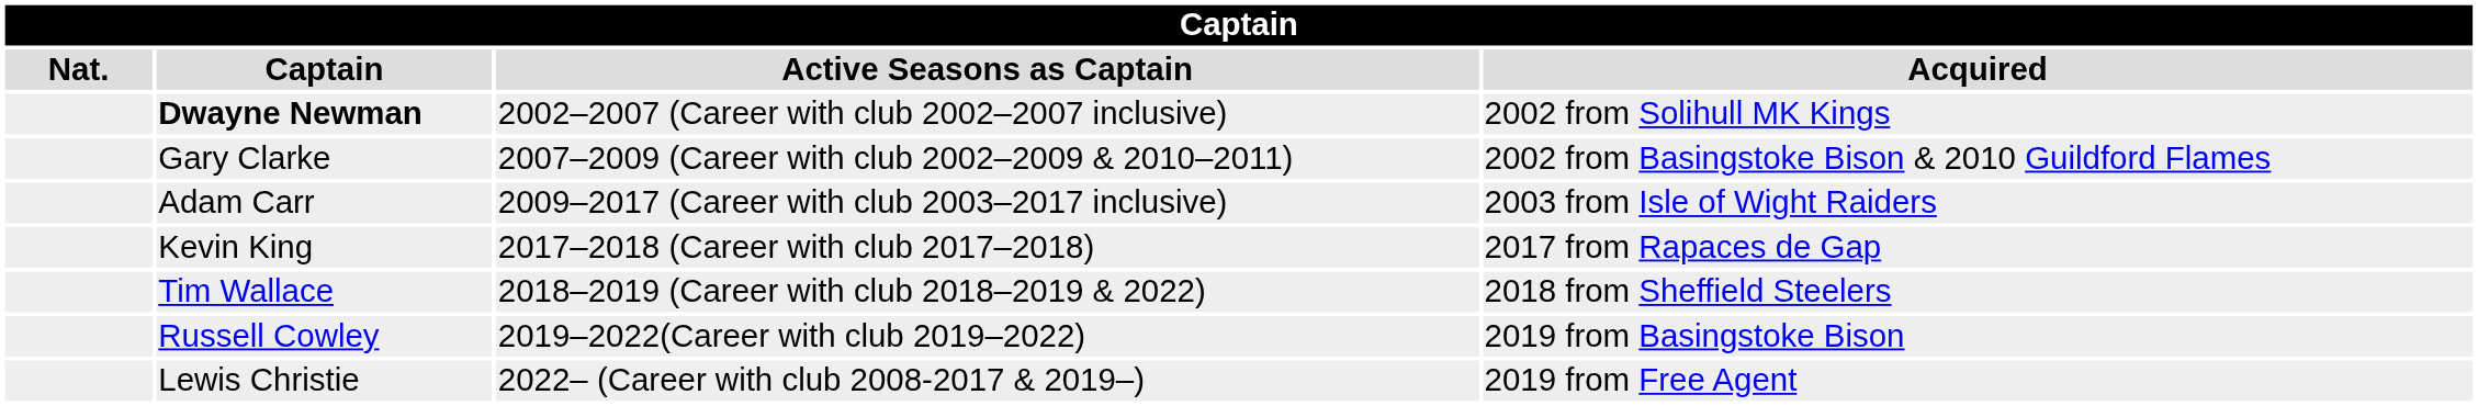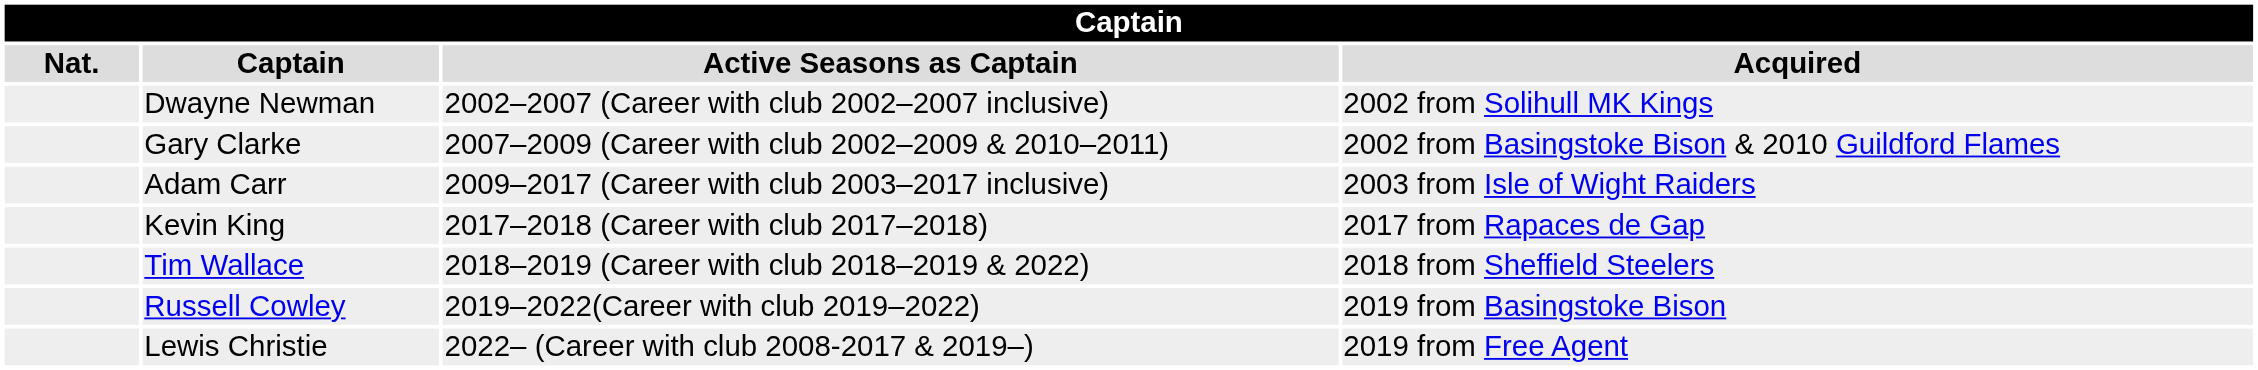 <table class="toccolours"  style="width:97%; clear:both; margin:1.5em auto; text-align:center;">
 <tr>
 <th colspan="11" style="background:#000000; color:#FFFFFF;">Captain</th>
 </tr>
 <tr style="background:#ddd;">
 <th width=6%>Nat.</th>
 <th !width=19%>Captain</th>
 <th width=40%>Active Seasons as Captain</th>
 <th widith=12%>Acquired</th>
 </tr>
 <tr style="background:#eee;">
 <td></td>
-<td align="left"><strong>Dwayne Newman</strong></td>
+<td align="left">Dwayne Newman</td>
 <td align=left>2002–2007 (Career with club 2002–2007 inclusive)</td>
 <td align=left>2002 from <a href='#'>Solihull MK Kings</a></td>
 </tr>
 <tr style="background:#eee;">
 <td></td>
 <td align="left">Gary Clarke</td>
 <td align=left>2007–2009 (Career with club 2002–2009 & 2010–2011)</td>
 <td align=left>2002 from <a href='#'>Basingstoke Bison</a> & 2010 <a href='#'>Guildford Flames</a></td>
 </tr>
 <tr style="background:#eee;">
 <td></td>
 <td align="left">Adam Carr</td>
 <td align=left>2009–2017 (Career with club 2003–2017 inclusive)</td>
 <td align=left>2003 from <a href='#'>Isle of Wight Raiders</a></td>
 </tr>
 <tr style="background:#eee;">
 <td></td>
 <td align="left">Kevin King</td>
 <td align=left>2017–2018 (Career with club 2017–2018)</td>
 <td align=left>2017 from <a href='#'>Rapaces de Gap</a></td>
 </tr>
 <tr style="background:#eee;">
 <td></td>
 <td align="left"><a href='#'>Tim Wallace</a></td>
 <td align=left>2018–2019 (Career with club 2018–2019 & 2022)</td>
 <td align=left>2018 from <a href='#'>Sheffield Steelers</a></td>
 </tr>
 <tr style="background:#eee;">
 <td> </td>
 <td align="left"><a href='#'>Russell Cowley</a></td>
 <td align=left>2019–2022(Career with club 2019–2022)</td>
 <td align=left>2019 from <a href='#'>Basingstoke Bison</a></td>
 </tr>
 <tr style="background:#eee;">
 <td></td>
 <td align="left">Lewis Christie</td>
 <td align=left>2022– (Career with club 2008-2017 & 2019–)</td>
 <td align=left>2019 from <a href='#'>Free Agent</a></td>
 </tr>
 </table>
